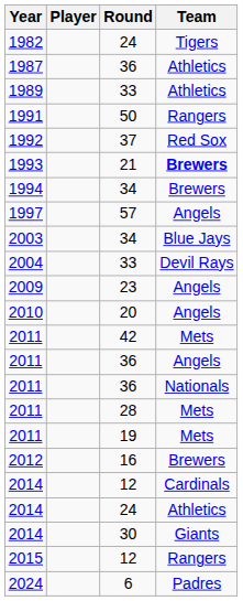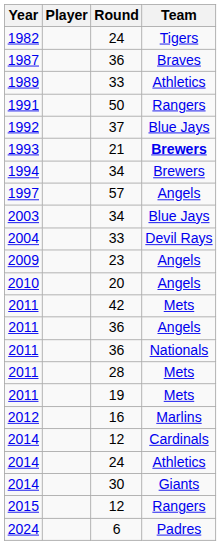 <table class="wikitable sortable">
 <tr>
 <th width=px>Year</th>
 <th width=px>Player</th>
 <th width=px>Round</th>
 <th width=px>Team</th>
 </tr>
 <tr>
 <td align="center"><a href='#'>1982</a></td>
 <td align="center"></td>
 <td align="center">24</td>
 <td align="center"><a href='#'>Tigers</a></td>
 </tr>
 <tr valign="center">
 <td align="center"><a href='#'>1987</a></td>
 <td align="center"></td>
 <td align="center">36</td>
-<td align="center"><a href='#'>Athletics</a></td>
+<td align="center"><a href='#'>Braves</a></td>
 </tr>
 <tr valign="center">
 <td align="center"><a href='#'>1989</a></td>
 <td align="center"></td>
 <td align="center">33</td>
 <td align="center"><a href='#'>Athletics</a></td>
 </tr>
 <tr valign="center">
 <td align="center"><a href='#'>1991</a></td>
 <td align="center"></td>
 <td align="center">50</td>
 <td align="center"><a href='#'>Rangers</a></td>
 </tr>
 <tr valign="center">
 <td align="center"><a href='#'>1992</a></td>
 <td align="center"></td>
 <td align="center">37</td>
-<td align="center"><a href='#'>Red Sox</a></td>
+<td align="center"><a href='#'>Blue Jays</a></td>
 </tr>
 <tr valign="center">
 <td align="center"><a href='#'>1993</a></td>
 <td align="center"></td>
 <td align="center">21</td>
 <td align="center"><strong><a href='#'>Brewers</a></strong></td>
 </tr>
 <tr valign="center">
 <td align="center"><a href='#'>1994</a></td>
 <td align="center"></td>
 <td align="center">34</td>
 <td align="center"><a href='#'>Brewers</a></td>
 </tr>
 <tr valign="center">
 <td align="center"><a href='#'>1997</a></td>
 <td align="center"></td>
 <td align="center">57</td>
 <td align="center"><a href='#'>Angels</a></td>
 </tr>
 <tr valign="center">
 <td align="center"><a href='#'>2003</a></td>
 <td align="center"></td>
 <td align="center">34</td>
 <td align="center"><a href='#'>Blue Jays</a></td>
 </tr>
 <tr valign="center">
 <td align="center"><a href='#'>2004</a></td>
 <td align="center"></td>
 <td align="center">33</td>
 <td align="center"><a href='#'>Devil Rays</a></td>
 </tr>
 <tr valign="center">
 <td align="center"><a href='#'>2009</a></td>
 <td align="center"></td>
 <td align="center">23</td>
 <td align="center"><a href='#'>Angels</a></td>
 </tr>
 <tr valign="center">
 <td align="center"><a href='#'>2010</a></td>
 <td align="center"></td>
 <td align="center">20</td>
 <td align="center"><a href='#'>Angels</a></td>
 </tr>
 <tr valign="center">
 <td align="center"><a href='#'>2011</a></td>
 <td align="center"></td>
 <td align="center">42</td>
 <td align="center"><a href='#'>Mets</a></td>
 </tr>
 <tr valign="center">
 <td align="center"><a href='#'>2011</a></td>
 <td align="center"></td>
 <td align="center">36</td>
 <td align="center"><a href='#'>Angels</a></td>
 </tr>
 <tr valign="center">
 <td align="center"><a href='#'>2011</a></td>
 <td align="center"></td>
 <td align="center">36</td>
 <td align="center"><a href='#'>Nationals</a></td>
 </tr>
 <tr valign="center">
 <td align="center"><a href='#'>2011</a></td>
 <td align="center"></td>
 <td align="center">28</td>
 <td align="center"><a href='#'>Mets</a></td>
 </tr>
 <tr valign="center">
 <td align="center"><a href='#'>2011</a></td>
 <td align="center"></td>
 <td align="center">19</td>
 <td align="center"><a href='#'>Mets</a></td>
 </tr>
 <tr valign="center">
 <td align="center"><a href='#'>2012</a></td>
 <td align="center"></td>
 <td align="center">16</td>
-<td align="center"><a href='#'>Brewers</a></td>
+<td align="center"><a href='#'>Marlins</a></td>
 </tr>
 <tr valign="center">
 <td align="center"><a href='#'>2014</a></td>
 <td align="center"></td>
 <td align="center">12</td>
 <td align="center"><a href='#'>Cardinals</a></td>
 </tr>
 <tr valign="center">
 <td align="center"><a href='#'>2014</a></td>
 <td align="center"></td>
 <td align="center">24</td>
 <td align="center"><a href='#'>Athletics</a></td>
 </tr>
 <tr valign="center">
 <td align="center"><a href='#'>2014</a></td>
 <td align="center"></td>
 <td align="center">30</td>
 <td align="center"><a href='#'>Giants</a></td>
 </tr>
 <tr valign="center">
 <td align="center"><a href='#'>2015</a></td>
 <td align="center"></td>
 <td align="center">12</td>
 <td align="center"><a href='#'>Rangers</a></td>
 </tr>
 <tr valign="center">
 <td align="center"><a href='#'>2024</a></td>
 <td align="center"></td>
 <td align="center">6</td>
 <td align="center"><a href='#'>Padres</a></td>
 </tr>
 </table>
